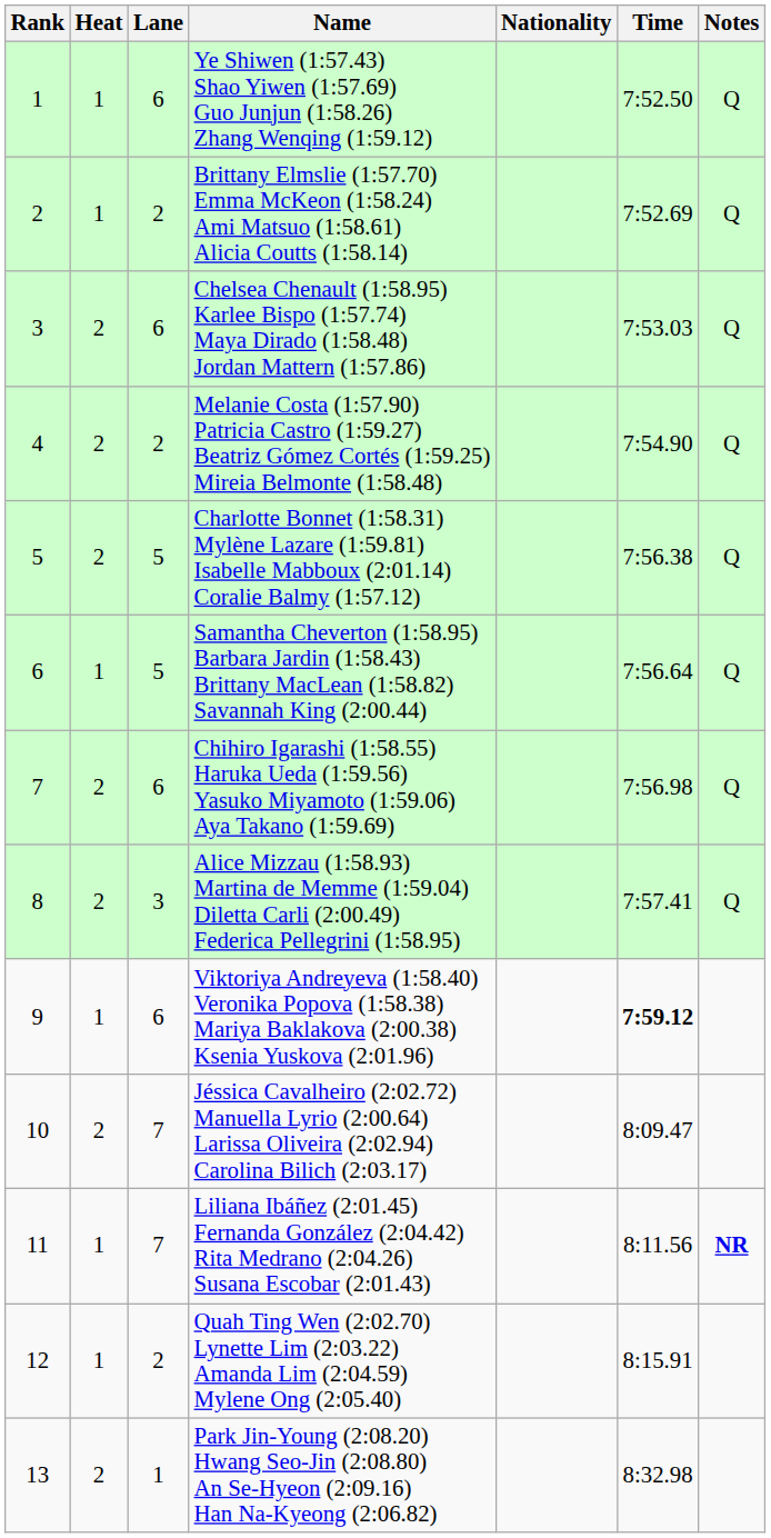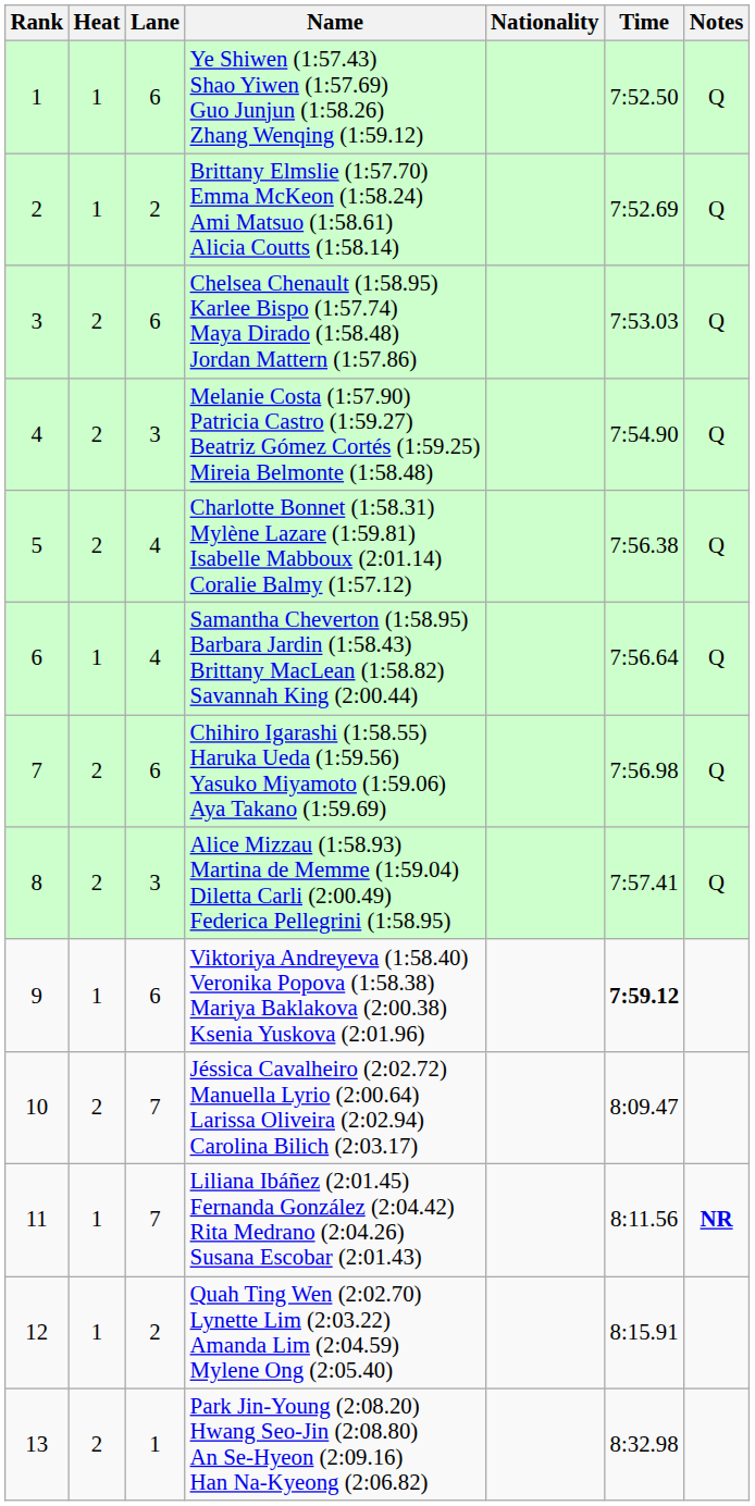 <table class="wikitable sortable" style="text-align:center">
 <tr>
 <th>Rank</th>
 <th>Heat</th>
 <th>Lane</th>
 <th>Name</th>
 <th>Nationality</th>
 <th>Time</th>
 <th>Notes</th>
 </tr>
 <tr bgcolor=ccffcc>
 <td>1</td>
 <td>1</td>
 <td>6</td>
 <td align="left"><a href='#'>Ye Shiwen</a> (1:57.43)<br><a href='#'>Shao Yiwen</a> (1:57.69)<br><a href='#'>Guo Junjun</a> (1:58.26)<br><a href='#'>Zhang Wenqing</a> (1:59.12)</td>
 <td align=left></td>
 <td>7:52.50</td>
 <td>Q</td>
 </tr>
 <tr bgcolor=ccffcc>
 <td>2</td>
 <td>1</td>
 <td>2</td>
 <td align="left"><a href='#'>Brittany Elmslie</a> (1:57.70)<br><a href='#'>Emma McKeon</a> (1:58.24)<br><a href='#'>Ami Matsuo</a> (1:58.61)<br><a href='#'>Alicia Coutts</a> (1:58.14)</td>
 <td align=left></td>
 <td>7:52.69</td>
 <td>Q</td>
 </tr>
 <tr bgcolor=ccffcc>
 <td>3</td>
 <td>2</td>
 <td>6</td>
 <td align="left"><a href='#'>Chelsea Chenault</a> (1:58.95)<br><a href='#'>Karlee Bispo</a> (1:57.74)<br><a href='#'>Maya Dirado</a> (1:58.48)<br><a href='#'>Jordan Mattern</a> (1:57.86)</td>
 <td align=left></td>
 <td>7:53.03</td>
 <td>Q</td>
 </tr>
 <tr bgcolor=ccffcc>
 <td>4</td>
 <td>2</td>
-<td>2</td>
+<td>3</td>
 <td align="left"><a href='#'>Melanie Costa</a> (1:57.90)<br><a href='#'>Patricia Castro</a> (1:59.27)<br><a href='#'>Beatriz Gómez Cortés</a> (1:59.25)<br><a href='#'>Mireia Belmonte</a> (1:58.48)</td>
 <td align=left></td>
 <td>7:54.90</td>
 <td>Q</td>
 </tr>
 <tr bgcolor=ccffcc>
 <td>5</td>
 <td>2</td>
-<td>5</td>
+<td>4</td>
 <td align="left"><a href='#'>Charlotte Bonnet</a> (1:58.31)<br><a href='#'>Mylène Lazare</a> (1:59.81)<br><a href='#'>Isabelle Mabboux</a> (2:01.14)<br><a href='#'>Coralie Balmy</a> (1:57.12)</td>
 <td align=left></td>
 <td>7:56.38</td>
 <td>Q</td>
 </tr>
 <tr bgcolor=ccffcc>
 <td>6</td>
 <td>1</td>
-<td>5</td>
+<td>4</td>
 <td align="left"><a href='#'>Samantha Cheverton</a> (1:58.95)<br><a href='#'>Barbara Jardin</a> (1:58.43)<br><a href='#'>Brittany MacLean</a> (1:58.82)<br><a href='#'>Savannah King</a> (2:00.44)</td>
 <td align=left></td>
 <td>7:56.64</td>
 <td>Q</td>
 </tr>
 <tr bgcolor=ccffcc>
 <td>7</td>
 <td>2</td>
 <td>6</td>
 <td align="left"><a href='#'>Chihiro Igarashi</a> (1:58.55)<br><a href='#'>Haruka Ueda</a> (1:59.56)<br><a href='#'>Yasuko Miyamoto</a> (1:59.06)<br><a href='#'>Aya Takano</a> (1:59.69)</td>
 <td align=left></td>
 <td>7:56.98</td>
 <td>Q</td>
 </tr>
 <tr bgcolor=ccffcc>
 <td>8</td>
 <td>2</td>
 <td>3</td>
 <td align="left"><a href='#'>Alice Mizzau</a> (1:58.93)<br><a href='#'>Martina de Memme</a> (1:59.04)<br><a href='#'>Diletta Carli</a> (2:00.49)<br><a href='#'>Federica Pellegrini</a> (1:58.95)</td>
 <td align=left></td>
 <td>7:57.41</td>
 <td>Q</td>
 </tr>
 <tr>
 <td>9</td>
 <td>1</td>
 <td>6</td>
 <td align="left"><a href='#'>Viktoriya Andreyeva</a> (1:58.40)<br><a href='#'>Veronika Popova</a> (1:58.38)<br><a href='#'>Mariya Baklakova</a> (2:00.38)<br><a href='#'>Ksenia Yuskova</a> (2:01.96)</td>
 <td align=left></td>
 <td><strong>7:59.12</strong></td>
 <td></td>
 </tr>
 <tr>
 <td>10</td>
 <td>2</td>
 <td>7</td>
 <td align="left"><a href='#'>Jéssica Cavalheiro</a> (2:02.72)<br><a href='#'>Manuella Lyrio</a> (2:00.64)<br><a href='#'>Larissa Oliveira</a> (2:02.94)<br><a href='#'>Carolina Bilich</a> (2:03.17)</td>
 <td align=left></td>
 <td>8:09.47</td>
 <td></td>
 </tr>
 <tr>
 <td>11</td>
 <td>1</td>
 <td>7</td>
 <td align="left"><a href='#'>Liliana Ibáñez</a> (2:01.45)<br><a href='#'>Fernanda González</a> (2:04.42)<br><a href='#'>Rita Medrano</a> (2:04.26)<br><a href='#'>Susana Escobar</a> (2:01.43)</td>
 <td align=left></td>
 <td>8:11.56</td>
 <td><strong><a href='#'>NR</a></strong></td>
 </tr>
 <tr>
 <td>12</td>
 <td>1</td>
 <td>2</td>
 <td align="left"><a href='#'>Quah Ting Wen</a> (2:02.70)<br><a href='#'>Lynette Lim</a> (2:03.22)<br><a href='#'>Amanda Lim</a> (2:04.59)<br><a href='#'>Mylene Ong</a> (2:05.40)</td>
 <td align=left></td>
 <td>8:15.91</td>
 <td></td>
 </tr>
 <tr>
 <td>13</td>
 <td>2</td>
 <td>1</td>
 <td align="left"><a href='#'>Park Jin-Young</a> (2:08.20)<br><a href='#'>Hwang Seo-Jin</a> (2:08.80)<br><a href='#'>An Se-Hyeon</a> (2:09.16)<br><a href='#'>Han Na-Kyeong</a> (2:06.82)</td>
 <td align=left></td>
 <td>8:32.98</td>
 <td></td>
 </tr>
 </table>
